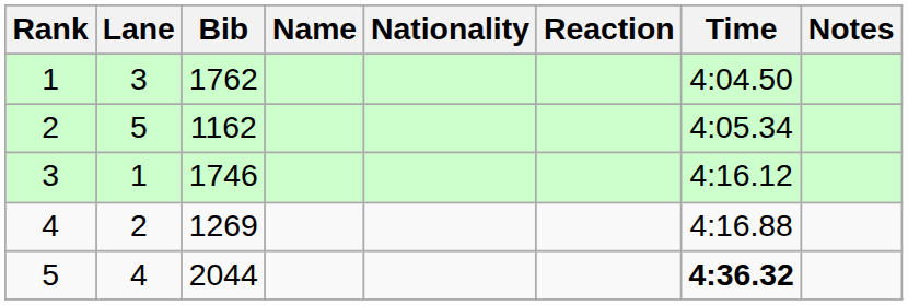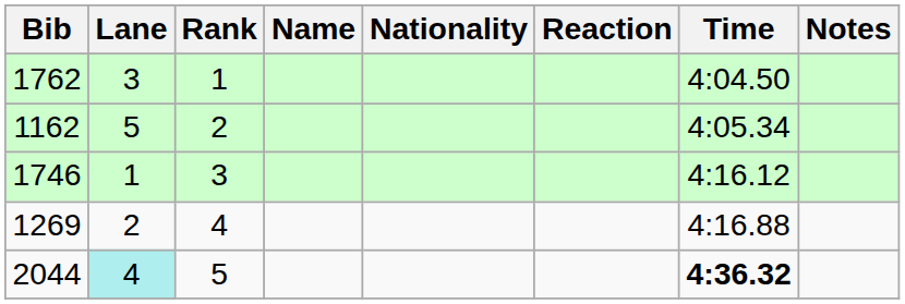 <table class="wikitable sortable" style="text-align:center">
 <tr>
+<th>Bib</th>
+<th>Lane</th>
 <th>Rank</th>
-<th>Lane</th>
-<th>Bib</th>
 <th>Name</th>
 <th>Nationality</th>
 <th>Reaction</th>
 <th>Time</th>
 <th>Notes</th>
 </tr>
 <tr bgcolor=ccffcc>
+<td>1762</td>
+<td>3</td>
 <td>1</td>
-<td>3</td>
-<td>1762</td>
 <td align=left></td>
 <td align=left></td>
 <td></td>
 <td>4:04.50</td>
 <td><strong></strong></td>
 </tr>
 <tr bgcolor=ccffcc>
+<td>1162</td>
+<td>5</td>
 <td>2</td>
-<td>5</td>
-<td>1162</td>
 <td align=left></td>
 <td align=left></td>
 <td></td>
 <td>4:05.34</td>
 <td><strong></strong></td>
 </tr>
 <tr bgcolor=ccffcc>
+<td>1746</td>
+<td>1</td>
 <td>3</td>
-<td>1</td>
-<td>1746</td>
 <td align=left></td>
 <td align=left></td>
 <td></td>
 <td>4:16.12</td>
 <td><strong></strong></td>
 </tr>
 <tr>
+<td>1269</td>
+<td>2</td>
 <td>4</td>
-<td>2</td>
-<td>1269</td>
 <td align=left></td>
 <td align=left></td>
 <td></td>
 <td>4:16.88</td>
 <td></td>
 </tr>
 <tr>
+<td>2044</td>
+<td style="background: paleturquoise;">4</td>
 <td>5</td>
-<td>4</td>
-<td>2044</td>
 <td align=left></td>
 <td align=left></td>
 <td></td>
 <td><strong>4:36.32</strong></td>
 <td></td>
 </tr>
 </table>
